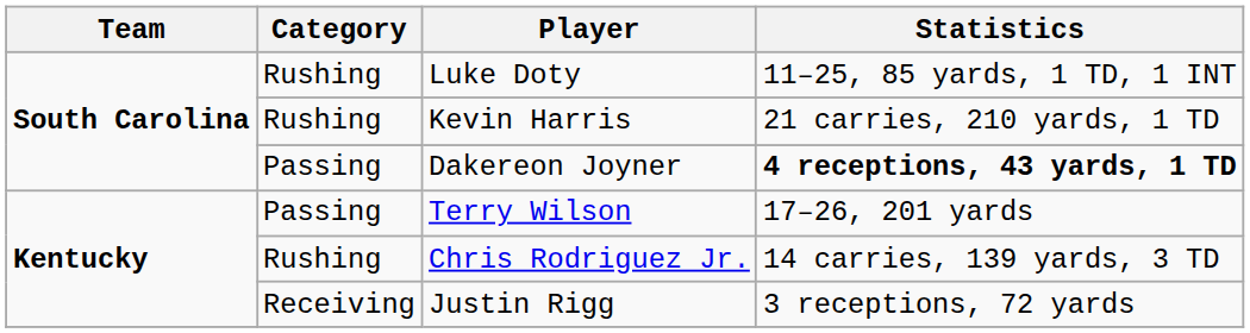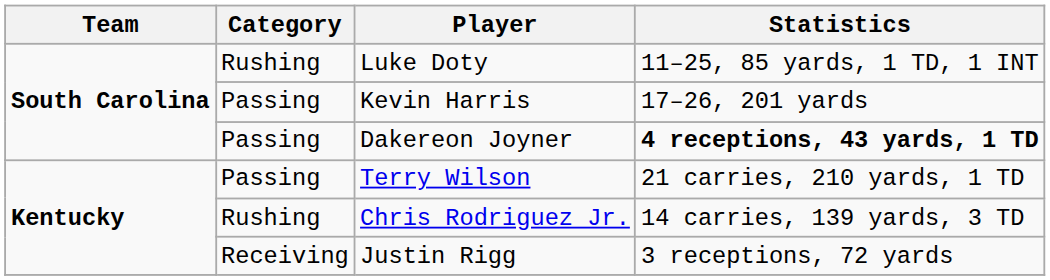 <table class="wikitable" style="float: right;">
 <tr>
 <th>Team</th>
 <th>Category</th>
 <th>Player</th>
 <th>Statistics</th>
 </tr>
 <tr>
 <td rowspan=3><strong>South Carolina</strong></td>
 <td>Rushing</td>
 <td>Luke Doty</td>
 <td>11–25, 85 yards, 1 TD, 1 INT</td>
 </tr>
 <tr>
-<td>Rushing</td>
+<td>Passing</td>
 <td>Kevin Harris</td>
-<td>21 carries, 210 yards, 1 TD</td>
+<td>17–26, 201 yards</td>
 </tr>
 <tr>
 <td>Passing</td>
 <td>Dakereon Joyner</td>
 <td><strong>4 receptions, 43 yards, 1 TD</strong></td>
 </tr>
 <tr>
 <td rowspan=3><strong>Kentucky</strong></td>
 <td>Passing</td>
 <td><a href='#'>Terry Wilson</a></td>
-<td>17–26, 201 yards</td>
+<td>21 carries, 210 yards, 1 TD</td>
 </tr>
 <tr>
 <td>Rushing</td>
 <td><a href='#'>Chris Rodriguez Jr.</a></td>
 <td>14 carries, 139 yards, 3 TD</td>
 </tr>
 <tr>
 <td>Receiving</td>
 <td>Justin Rigg</td>
 <td>3 receptions, 72 yards</td>
 </tr>
 </table>
